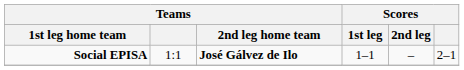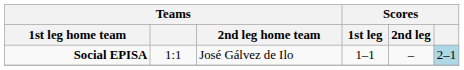 <table class="wikitable" style="text-align: center;">
 <tr>
 <th colspan=3>Teams</th>
 <th colspan=3>Scores</th>
 </tr>
 <tr>
 <th width="175">1st leg home team</th>
 <th width="50"></th>
 <th width="175">2nd leg home team</th>
 <th width="50">1st leg</th>
 <th width="50">2nd leg</th>
 <th></th>
 </tr>
 <tr>
 <td align=right><strong>Social EPISA</strong></td>
 <td>1:1</td>
-<td align=left><strong>José Gálvez de Ilo</strong></td>
+<td align=left>José Gálvez de Ilo</td>
 <td>1–1</td>
 <td>–</td>
-<td>2–1</td>
+<td style="background: lightblue;">2–1</td>
 </tr>
 <tr>
 </tr>
 </table>
